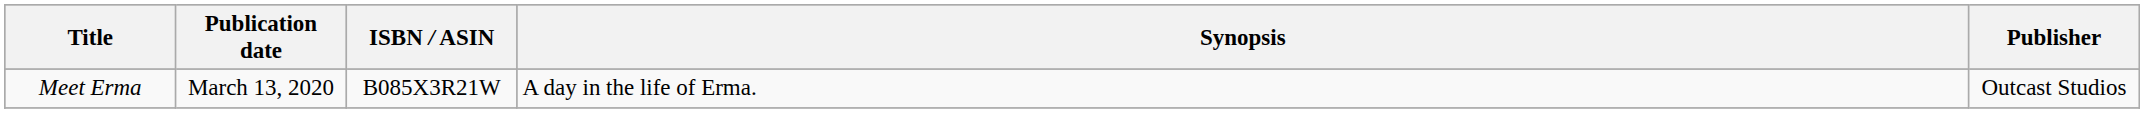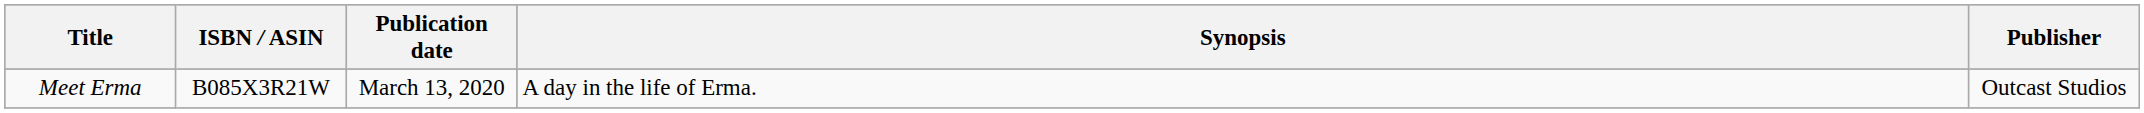 <table class="wikitable" style="text-align:center; width:100%; font-size:85%;">
 <tr>
 <th style="text-align:center; width:8%;">Title</th>
+<th style="text-align:center; width:8%;">ISBN <em>/</em> ASIN</th>
 <th style="text-align:center; width:8%;">Publication date</th>
-<th style="text-align:center; width:8%;">ISBN <em>/</em> ASIN</th>
 <th>Synopsis</th>
 <th style="text-align:center; width:8%;">Publisher</th>
 </tr>
 <tr>
 <td><em>Meet Erma</em></td>
+<td>B085X3R21W</td>
 <td>March 13, 2020</td>
-<td>B085X3R21W</td>
 <td style="text-align:left;">A day in the life of Erma.</td>
 <td>Outcast Studios</td>
 </tr>
 </table>
